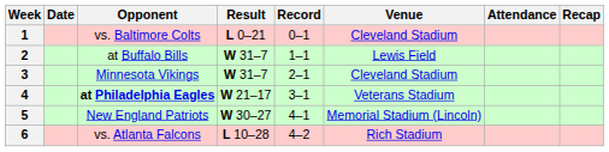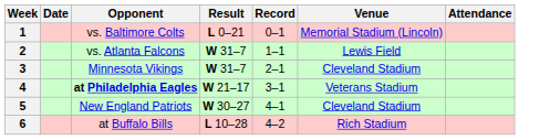 <table class="wikitable" style="text-align:center">
 <tr>
 <th>Week</th>
 <th>Date</th>
 <th>Opponent</th>
 <th>Result</th>
 <th>Record</th>
 <th>Venue</th>
 <th>Attendance</th>
-<th>Recap</th>
 </tr>
 <tr style="background: #fcc;">
 <th>1</th>
 <td></td>
 <td>vs. <a href='#'>Baltimore Colts</a></td>
 <td><strong>L</strong> 0–21</td>
 <td>0–1</td>
-<td><a href='#'>Cleveland Stadium</a></td>
-<td></td>
+<td><a href='#'>Memorial Stadium (Lincoln)</a></td>
 <td></td>
 </tr>
 <tr style="background: #cfc;">
 <th>2</th>
 <td></td>
-<td>at <a href='#'>Buffalo Bills</a></td>
+<td>vs. <a href='#'>Atlanta Falcons</a></td>
 <td><strong>W</strong>  31–7</td>
 <td>1–1</td>
 <td><a href='#'>Lewis Field</a></td>
-<td></td>
 <td></td>
 </tr>
 <tr style="background: #cfc;">
 <th>3</th>
 <td></td>
 <td><a href='#'>Minnesota Vikings</a></td>
 <td><strong>W</strong> 31–7</td>
 <td>2–1</td>
 <td><a href='#'>Cleveland Stadium</a></td>
 <td></td>
-<td></td>
 </tr>
 <tr style="background: #cfc;">
 <th>4</th>
 <td></td>
 <td><strong>at <a href='#'>Philadelphia Eagles</a></strong></td>
 <td><strong>W</strong> 21–17</td>
 <td>3–1</td>
 <td><a href='#'>Veterans Stadium</a></td>
 <td></td>
-<td></td>
 </tr>
 <tr style="background: #cfc;">
 <th>5</th>
 <td></td>
 <td><a href='#'>New England Patriots</a></td>
 <td><strong>W</strong> 30–27</td>
 <td>4–1</td>
-<td><a href='#'>Memorial Stadium (Lincoln)</a></td>
-<td></td>
+<td><a href='#'>Cleveland Stadium</a></td>
 <td></td>
 </tr>
 <tr style="background: #fcc;">
 <th>6</th>
 <td></td>
-<td>vs. <a href='#'>Atlanta Falcons</a></td>
+<td>at <a href='#'>Buffalo Bills</a></td>
 <td><strong>L</strong> 10–28</td>
 <td>4–2</td>
 <td><a href='#'>Rich Stadium</a></td>
 <td></td>
-<td></td>
 </tr>
 </table>
